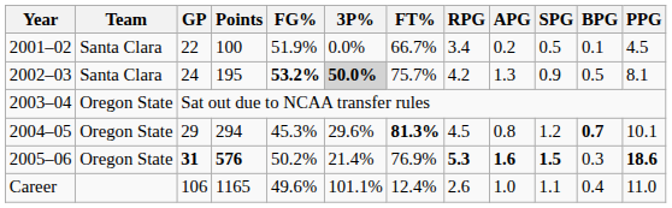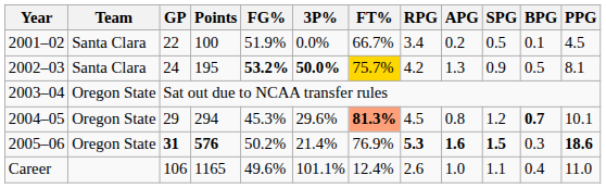 <table class="wikitable">
 <tr>
 <th>Year</th>
 <th>Team</th>
 <th>GP</th>
 <th>Points</th>
 <th>FG%</th>
 <th>3P%</th>
 <th>FT%</th>
 <th>RPG</th>
 <th>APG</th>
 <th>SPG</th>
 <th>BPG</th>
 <th>PPG</th>
 </tr>
 <tr>
 <td>2001–02</td>
 <td>Santa Clara</td>
 <td>22</td>
 <td>100</td>
 <td>51.9%</td>
 <td>0.0%</td>
 <td>66.7%</td>
 <td>3.4</td>
 <td>0.2</td>
 <td>0.5</td>
 <td>0.1</td>
 <td>4.5</td>
 </tr>
 <tr>
 <td>2002–03</td>
 <td>Santa Clara</td>
 <td>24</td>
 <td>195</td>
 <td><strong>53.2%</strong></td>
-<td style="background: lightgrey;"><strong>50.0%</strong></td>
-<td>75.7%</td>
+<td><strong>50.0%</strong></td>
+<td style="background: gold;">75.7%</td>
 <td>4.2</td>
 <td>1.3</td>
 <td>0.9</td>
 <td>0.5</td>
 <td>8.1</td>
 </tr>
 <tr>
 <td>2003–04</td>
 <td>Oregon State</td>
 <td colspan="10">Sat out due to NCAA transfer rules</td>
 </tr>
 <tr>
 <td>2004–05</td>
 <td>Oregon State</td>
 <td>29</td>
 <td>294</td>
 <td>45.3%</td>
 <td>29.6%</td>
-<td><strong>81.3%</strong></td>
+<td style="background: lightsalmon;"><strong>81.3%</strong></td>
 <td>4.5</td>
 <td>0.8</td>
 <td>1.2</td>
 <td><strong>0.7</strong></td>
 <td>10.1</td>
 </tr>
 <tr>
 <td>2005–06</td>
 <td>Oregon State</td>
 <td><strong>31</strong></td>
 <td><strong>576</strong></td>
 <td>50.2%</td>
 <td>21.4%</td>
 <td>76.9%</td>
 <td><strong>5.3</strong></td>
 <td><strong>1.6</strong></td>
 <td><strong>1.5</strong></td>
 <td>0.3</td>
 <td><strong>18.6</strong></td>
 </tr>
 <tr>
 <td>Career</td>
 <td></td>
 <td>106</td>
 <td>1165</td>
 <td>49.6%</td>
 <td>101.1%</td>
 <td>12.4%</td>
 <td>2.6</td>
 <td>1.0</td>
 <td>1.1</td>
 <td>0.4</td>
 <td>11.0</td>
 </tr>
 </table>
